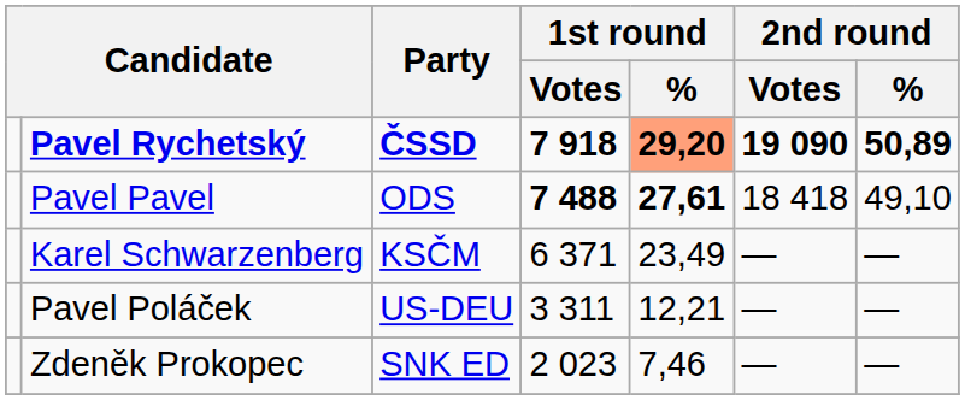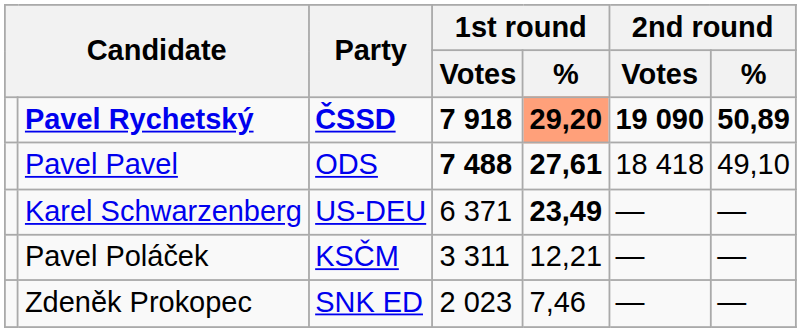 <table class="wikitable sortable">
 <tr>
 <th colspan="2" rowspan="2">Candidate</th>
 <th rowspan="2">Party</th>
 <th colspan="2">1st round</th>
 <th colspan="2">2nd round</th>
 </tr>
 <tr>
 <th>Votes</th>
 <th>%</th>
 <th>Votes</th>
 <th>%</th>
 </tr>
 <tr>
 <td style="background-color:"></td>
 <td><strong><a href='#'>Pavel Rychetský</a></strong></td>
 <td><a href='#'><strong>ČSSD</strong></a></td>
 <td><strong>7 918</strong></td>
 <td style="background: lightsalmon;"><strong>29,20</strong></td>
 <td><strong>19 090</strong></td>
 <td><strong>50,89</strong></td>
 </tr>
 <tr>
 <td style="background-color:"></td>
 <td><a href='#'>Pavel Pavel</a></td>
 <td><a href='#'>ODS</a></td>
 <td><strong>7 488</strong></td>
 <td><strong>27,61</strong></td>
 <td>18 418</td>
 <td>49,10</td>
 </tr>
 <tr>
 <td style="background-color:"></td>
 <td><a href='#'>Karel Schwarzenberg</a></td>
-<td><a href='#'>KSČM</a></td>
+<td><a href='#'>US-DEU</a></td>
 <td>6 371</td>
-<td>23,49</td>
+<td><strong>23,49</strong></td>
 <td>—</td>
 <td>—</td>
 </tr>
 <tr>
 <td style="background-color:"></td>
 <td>Pavel Poláček</td>
-<td><a href='#'>US-DEU</a></td>
+<td><a href='#'>KSČM</a></td>
 <td>3 311</td>
 <td>12,21</td>
 <td>—</td>
 <td>—</td>
 </tr>
 <tr>
 <td style="background-color:"></td>
 <td>Zdeněk Prokopec</td>
 <td><a href='#'>SNK ED</a></td>
 <td>2 023</td>
 <td>7,46</td>
 <td>—</td>
 <td>—</td>
 </tr>
 </table>
